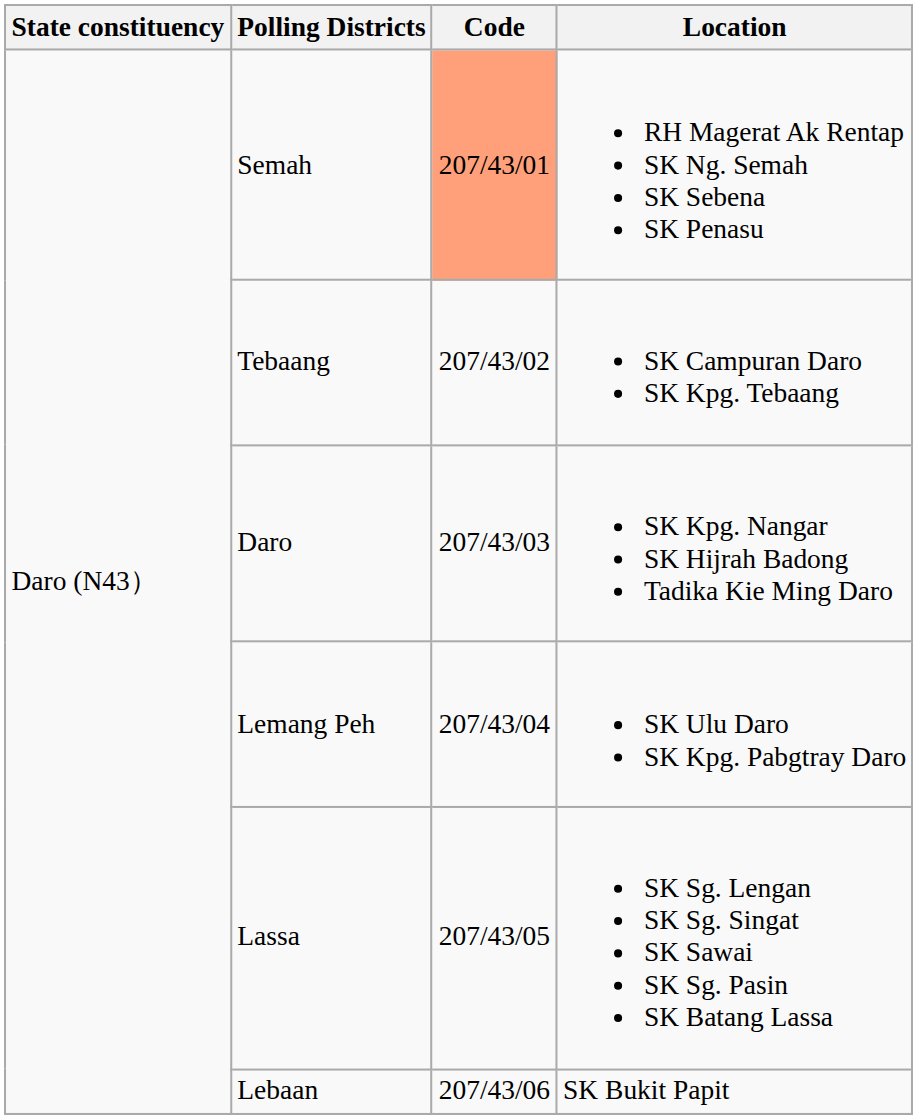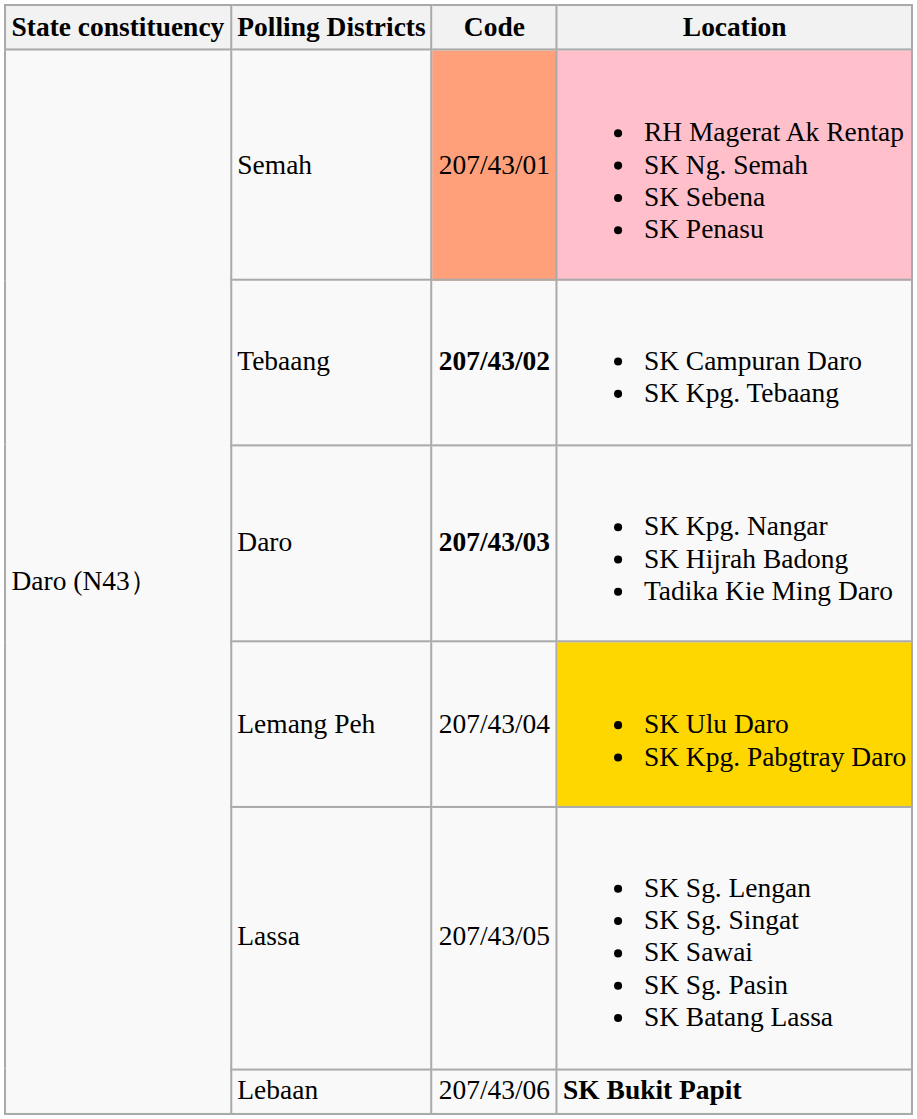 <table class="wikitable sortable mw-collapsible" style="white-space:nowrap;font-size:85%">
 <tr>
 <th>State constituency</th>
 <th>Polling Districts</th>
 <th>Code</th>
 <th>Location</th>
 </tr>
 <tr>
 <td rowspan="6">Daro (N43）</td>
 <td>Semah</td>
 <td style="background: lightsalmon;">207/43/01</td>
-<td><br><ul><li>RH Magerat Ak Rentap</li><li>SK Ng. Semah</li><li>SK Sebena</li><li>SK Penasu</li></ul></td>
+<td style="background: pink;"><br><ul><li>RH Magerat Ak Rentap</li><li>SK Ng. Semah</li><li>SK Sebena</li><li>SK Penasu</li></ul></td>
 </tr>
 <tr>
 <td>Tebaang</td>
-<td>207/43/02</td>
+<td><strong>207/43/02</strong></td>
 <td><br><ul><li>SK Campuran Daro</li><li>SK Kpg. Tebaang</li></ul></td>
 </tr>
 <tr>
 <td>Daro</td>
-<td>207/43/03</td>
+<td><strong>207/43/03</strong></td>
 <td><br><ul><li>SK Kpg. Nangar</li><li>SK Hijrah Badong</li><li>Tadika Kie Ming Daro</li></ul></td>
 </tr>
 <tr>
 <td>Lemang Peh</td>
 <td>207/43/04</td>
-<td><br><ul><li>SK Ulu Daro</li><li>SK Kpg. Pabgtray Daro</li></ul></td>
+<td style="background: gold;"><br><ul><li>SK Ulu Daro</li><li>SK Kpg. Pabgtray Daro</li></ul></td>
 </tr>
 <tr>
 <td>Lassa</td>
 <td>207/43/05</td>
 <td><br><ul><li>SK Sg. Lengan</li><li>SK Sg. Singat</li><li>SK Sawai</li><li>SK Sg. Pasin</li><li>SK Batang Lassa</li></ul></td>
 </tr>
 <tr>
 <td>Lebaan</td>
 <td>207/43/06</td>
-<td>SK Bukit Papit</td>
+<td><strong>SK Bukit Papit</strong></td>
 </tr>
 <tr>
 </tr>
 </table>
